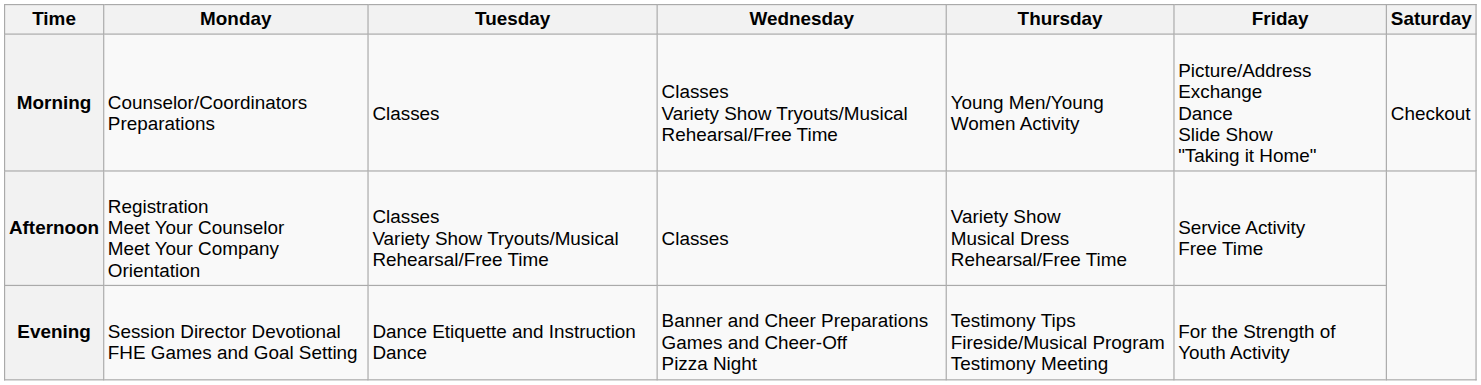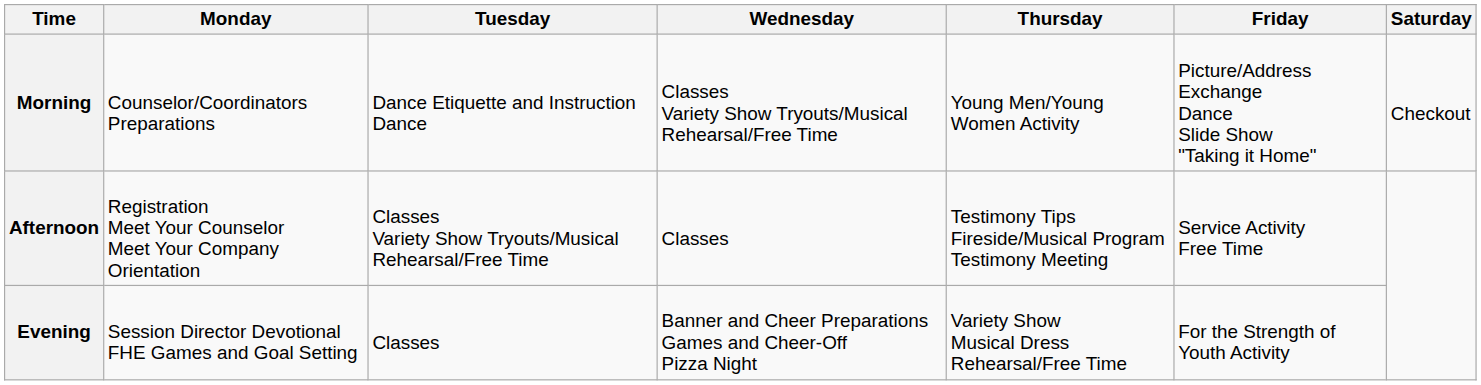 <table class="wikitable">
 <tr>
 <th>Time</th>
 <th>Monday</th>
 <th>Tuesday</th>
 <th>Wednesday</th>
 <th>Thursday</th>
 <th>Friday</th>
 <th>Saturday</th>
 </tr>
 <tr>
 <th>Morning</th>
 <td><br>Counselor/Coordinators Preparations</td>
-<td><br>Classes</td>
+<td><br>Dance Etiquette and Instruction<br> Dance</td>
 <td><br>Classes<br> Variety Show Tryouts/Musical Rehearsal/Free Time</td>
 <td><br>Young Men/Young Women Activity</td>
 <td><br>Picture/Address Exchange<br> Dance<br> Slide Show<br> "Taking it Home"</td>
 <td><br>Checkout</td>
 </tr>
 <tr>
 <th>Afternoon</th>
 <td><br>Registration<br> Meet Your Counselor<br> Meet Your Company<br> Orientation</td>
 <td><br>Classes<br> Variety Show Tryouts/Musical Rehearsal/Free Time</td>
 <td><br>Classes</td>
-<td><br>Variety Show<br> Musical Dress Rehearsal/Free Time</td>
+<td><br>Testimony Tips<br> Fireside/Musical Program<br> Testimony Meeting</td>
 <td><br>Service Activity<br> Free Time</td>
 <td rowspan=2></td>
 </tr>
 <tr>
 <th>Evening</th>
 <td><br>Session Director Devotional<br> FHE Games and Goal Setting</td>
-<td><br>Dance Etiquette and Instruction<br> Dance</td>
+<td><br>Classes</td>
 <td><br>Banner and Cheer Preparations<br> Games and Cheer-Off<br> Pizza Night</td>
-<td><br>Testimony Tips<br> Fireside/Musical Program<br> Testimony Meeting</td>
+<td><br>Variety Show<br> Musical Dress Rehearsal/Free Time</td>
 <td><br>For the Strength of Youth Activity</td>
 </tr>
 </table>
